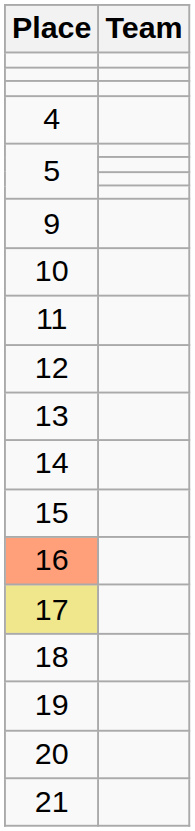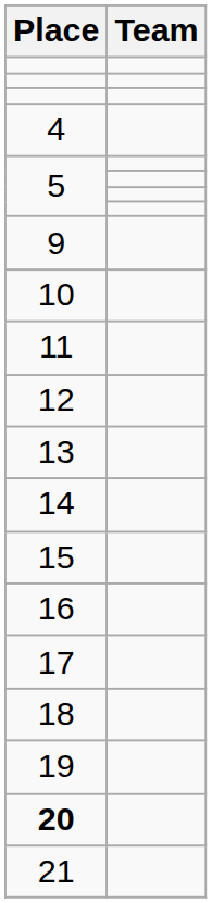 <table class="wikitable">
 <tr>
 <th>Place</th>
 <th>Team</th>
 </tr>
 <tr>
 <td align=center></td>
 <td></td>
 </tr>
 <tr>
 <td align=center></td>
 <td></td>
 </tr>
 <tr>
 <td align=center></td>
 <td></td>
 </tr>
 <tr>
 <td align=center>4</td>
 <td></td>
 </tr>
 <tr>
 <td rowspan=4 align=center>5</td>
 <td></td>
 </tr>
 <tr>
 <td></td>
 </tr>
 <tr>
 <td></td>
 </tr>
 <tr>
 <td></td>
 </tr>
 <tr>
 <td align=center>9</td>
 <td></td>
 </tr>
 <tr>
 <td align=center>10</td>
 <td></td>
 </tr>
 <tr>
 <td align=center>11</td>
 <td></td>
 </tr>
 <tr>
 <td align=center>12</td>
 <td></td>
 </tr>
 <tr>
 <td align=center>13</td>
 <td></td>
 </tr>
 <tr>
 <td align=center>14</td>
 <td></td>
 </tr>
 <tr>
 <td align=center>15</td>
 <td></td>
 </tr>
 <tr>
-<td align=center style="background: lightsalmon;">16</td>
+<td align=center>16</td>
 <td></td>
 </tr>
 <tr>
-<td align=center style="background: khaki;">17</td>
+<td align=center>17</td>
 <td></td>
 </tr>
 <tr>
 <td align=center>18</td>
 <td></td>
 </tr>
 <tr>
 <td align=center>19</td>
 <td></td>
 </tr>
 <tr>
-<td align=center>20</td>
+<td align=center><strong>20</strong></td>
 <td></td>
 </tr>
 <tr>
 <td align=center>21</td>
 <td></td>
 </tr>
 </table>
